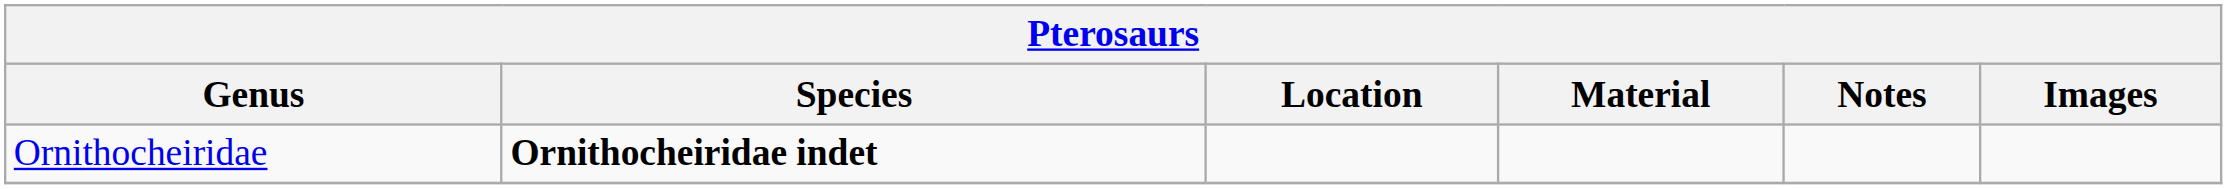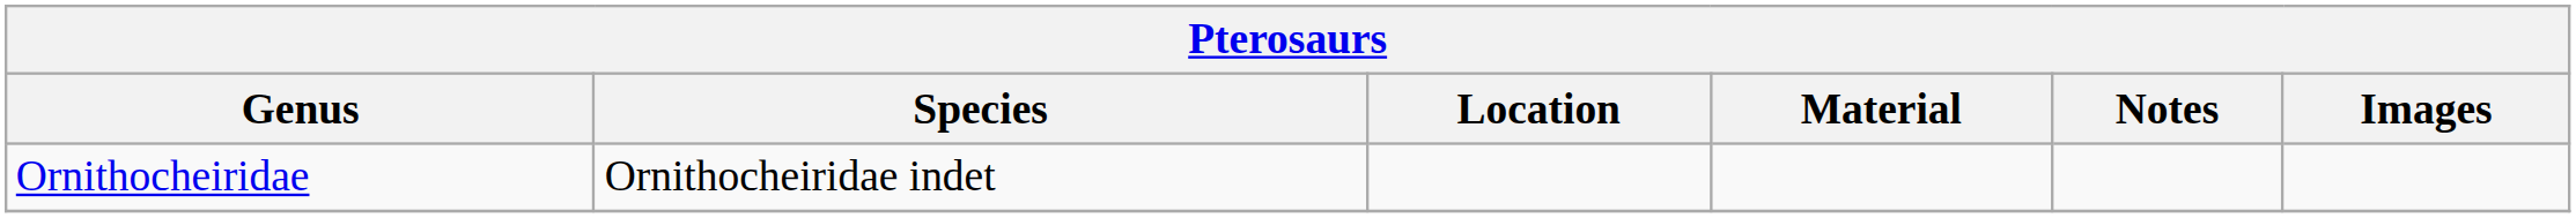 <table class="wikitable" align="center" width="75%">
 <tr>
 <th colspan="6" align="center"><a href='#'>Pterosaurs</a></th>
 </tr>
 <tr>
 <th>Genus</th>
 <th>Species</th>
 <th>Location</th>
 <th>Material</th>
 <th>Notes</th>
 <th>Images</th>
 </tr>
 <tr>
 <td><a href='#'>Ornithocheiridae</a></td>
-<td><strong>Ornithocheiridae indet</strong></td>
+<td>Ornithocheiridae indet</td>
 <td></td>
 <td></td>
 <td></td>
 <td></td>
 </tr>
 <tr>
 </tr>
 </table>
